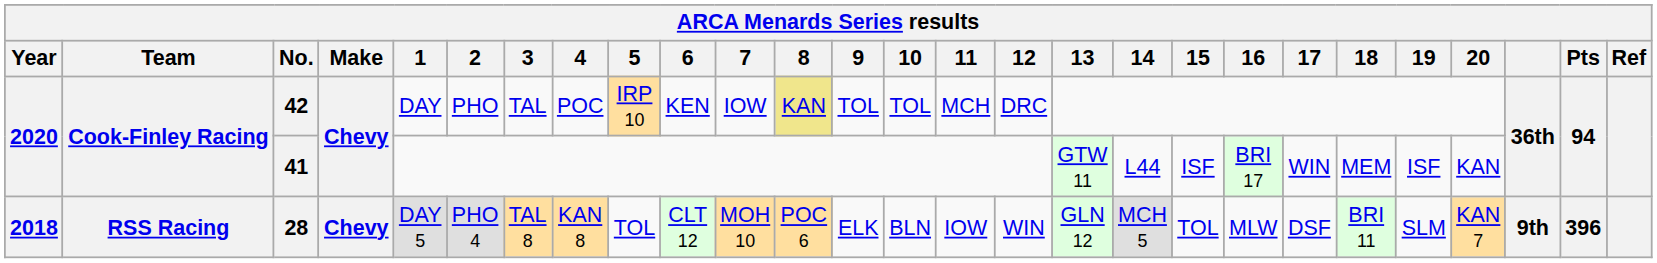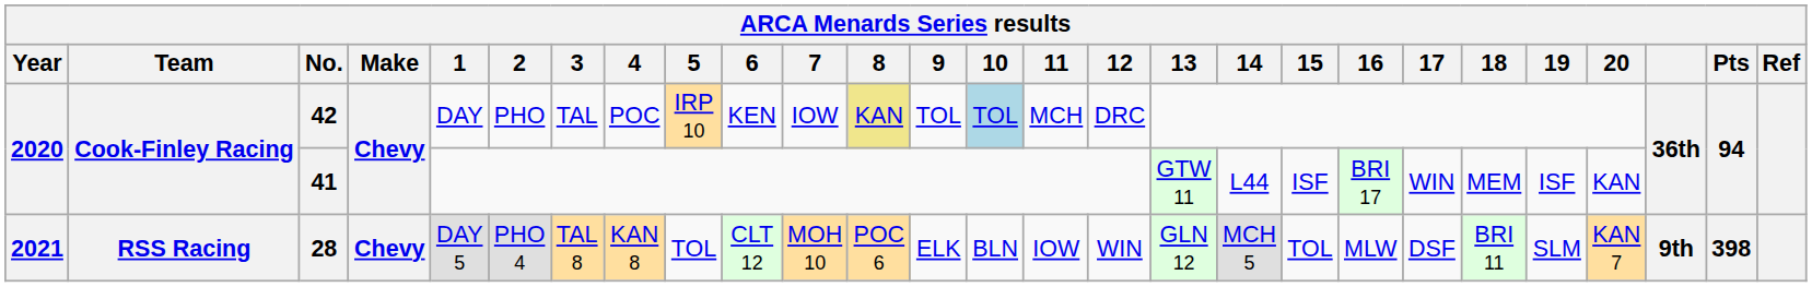 <table class="wikitable" style="text-align:center; font-size:75%">
 <tr>
 <th colspan=27><a href='#'>ARCA Menards Series</a> results</th>
 </tr>
 <tr>
 <th>Year</th>
 <th>Team</th>
 <th>No.</th>
 <th>Make</th>
 <th>1</th>
 <th>2</th>
 <th>3</th>
 <th>4</th>
 <th>5</th>
 <th>6</th>
 <th>7</th>
 <th>8</th>
 <th>9</th>
 <th>10</th>
 <th>11</th>
 <th>12</th>
 <th>13</th>
 <th>14</th>
 <th>15</th>
 <th>16</th>
 <th>17</th>
 <th>18</th>
 <th>19</th>
 <th>20</th>
 <th></th>
 <th>Pts</th>
 <th>Ref</th>
 </tr>
 <tr>
 <th rowspan=2><a href='#'>2020</a></th>
 <th rowspan=2><a href='#'>Cook-Finley Racing</a></th>
 <th>42</th>
 <th rowspan=2><a href='#'>Chevy</a></th>
 <td><a href='#'>DAY</a></td>
 <td><a href='#'>PHO</a></td>
 <td><a href='#'>TAL</a></td>
 <td><a href='#'>POC</a></td>
 <td style="background:#FFDF9F;"><a href='#'>IRP</a><br><small>10</small></td>
 <td><a href='#'>KEN</a></td>
 <td><a href='#'>IOW</a></td>
 <td style="background: khaki;"><a href='#'>KAN</a></td>
 <td><a href='#'>TOL</a></td>
-<td><a href='#'>TOL</a></td>
+<td style="background: lightblue;"><a href='#'>TOL</a></td>
 <td><a href='#'>MCH</a></td>
 <td><a href='#'>DRC</a></td>
 <td colspan=8></td>
 <th rowspan=2>36th</th>
 <th rowspan=2>94</th>
 <th rowspan=2></th>
 </tr>
 <tr>
 <th>41</th>
 <td colspan=12></td>
 <td style="background:#DFFFDF;"><a href='#'>GTW</a><br><small>11</small></td>
 <td><a href='#'>L44</a></td>
 <td><a href='#'>ISF</a></td>
 <td style="background:#DFFFDF;"><a href='#'>BRI</a><br><small>17</small></td>
 <td><a href='#'>WIN</a></td>
 <td><a href='#'>MEM</a></td>
 <td><a href='#'>ISF</a></td>
 <td><a href='#'>KAN</a></td>
 </tr>
 <tr>
-<th><a href='#'>2018</a></th>
+<th><a href='#'>2021</a></th>
 <th><a href='#'>RSS Racing</a></th>
 <th>28</th>
 <th><a href='#'>Chevy</a></th>
 <td style="background:#DFDFDF;"><a href='#'>DAY</a><br><small>5</small></td>
 <td style="background:#DFDFDF;"><a href='#'>PHO</a><br><small>4</small></td>
 <td style="background:#FFDF9F;"><a href='#'>TAL</a><br><small>8</small></td>
 <td style="background:#FFDF9F;"><a href='#'>KAN</a><br><small>8</small></td>
 <td><a href='#'>TOL</a></td>
 <td style="background:#DFFFDF;"><a href='#'>CLT</a><br><small>12</small></td>
 <td style="background:#FFDF9F;"><a href='#'>MOH</a><br><small>10</small></td>
 <td style="background:#FFDF9F;"><a href='#'>POC</a><br><small>6</small></td>
 <td><a href='#'>ELK</a></td>
 <td><a href='#'>BLN</a></td>
 <td><a href='#'>IOW</a></td>
 <td><a href='#'>WIN</a></td>
 <td style="background:#DFFFDF;"><a href='#'>GLN</a><br><small>12</small></td>
 <td style="background:#DFDFDF;"><a href='#'>MCH</a><br><small>5</small></td>
 <td><a href='#'>TOL</a></td>
 <td><a href='#'>MLW</a></td>
 <td><a href='#'>DSF</a></td>
 <td style="background:#DFFFDF;"><a href='#'>BRI</a><br><small>11</small></td>
 <td><a href='#'>SLM</a></td>
 <td style="background:#FFDF9F;'"><a href='#'>KAN</a><br><small>7</small></td>
 <th>9th</th>
-<th>396</th>
+<th>398</th>
 <th></th>
 </tr>
 </table>
